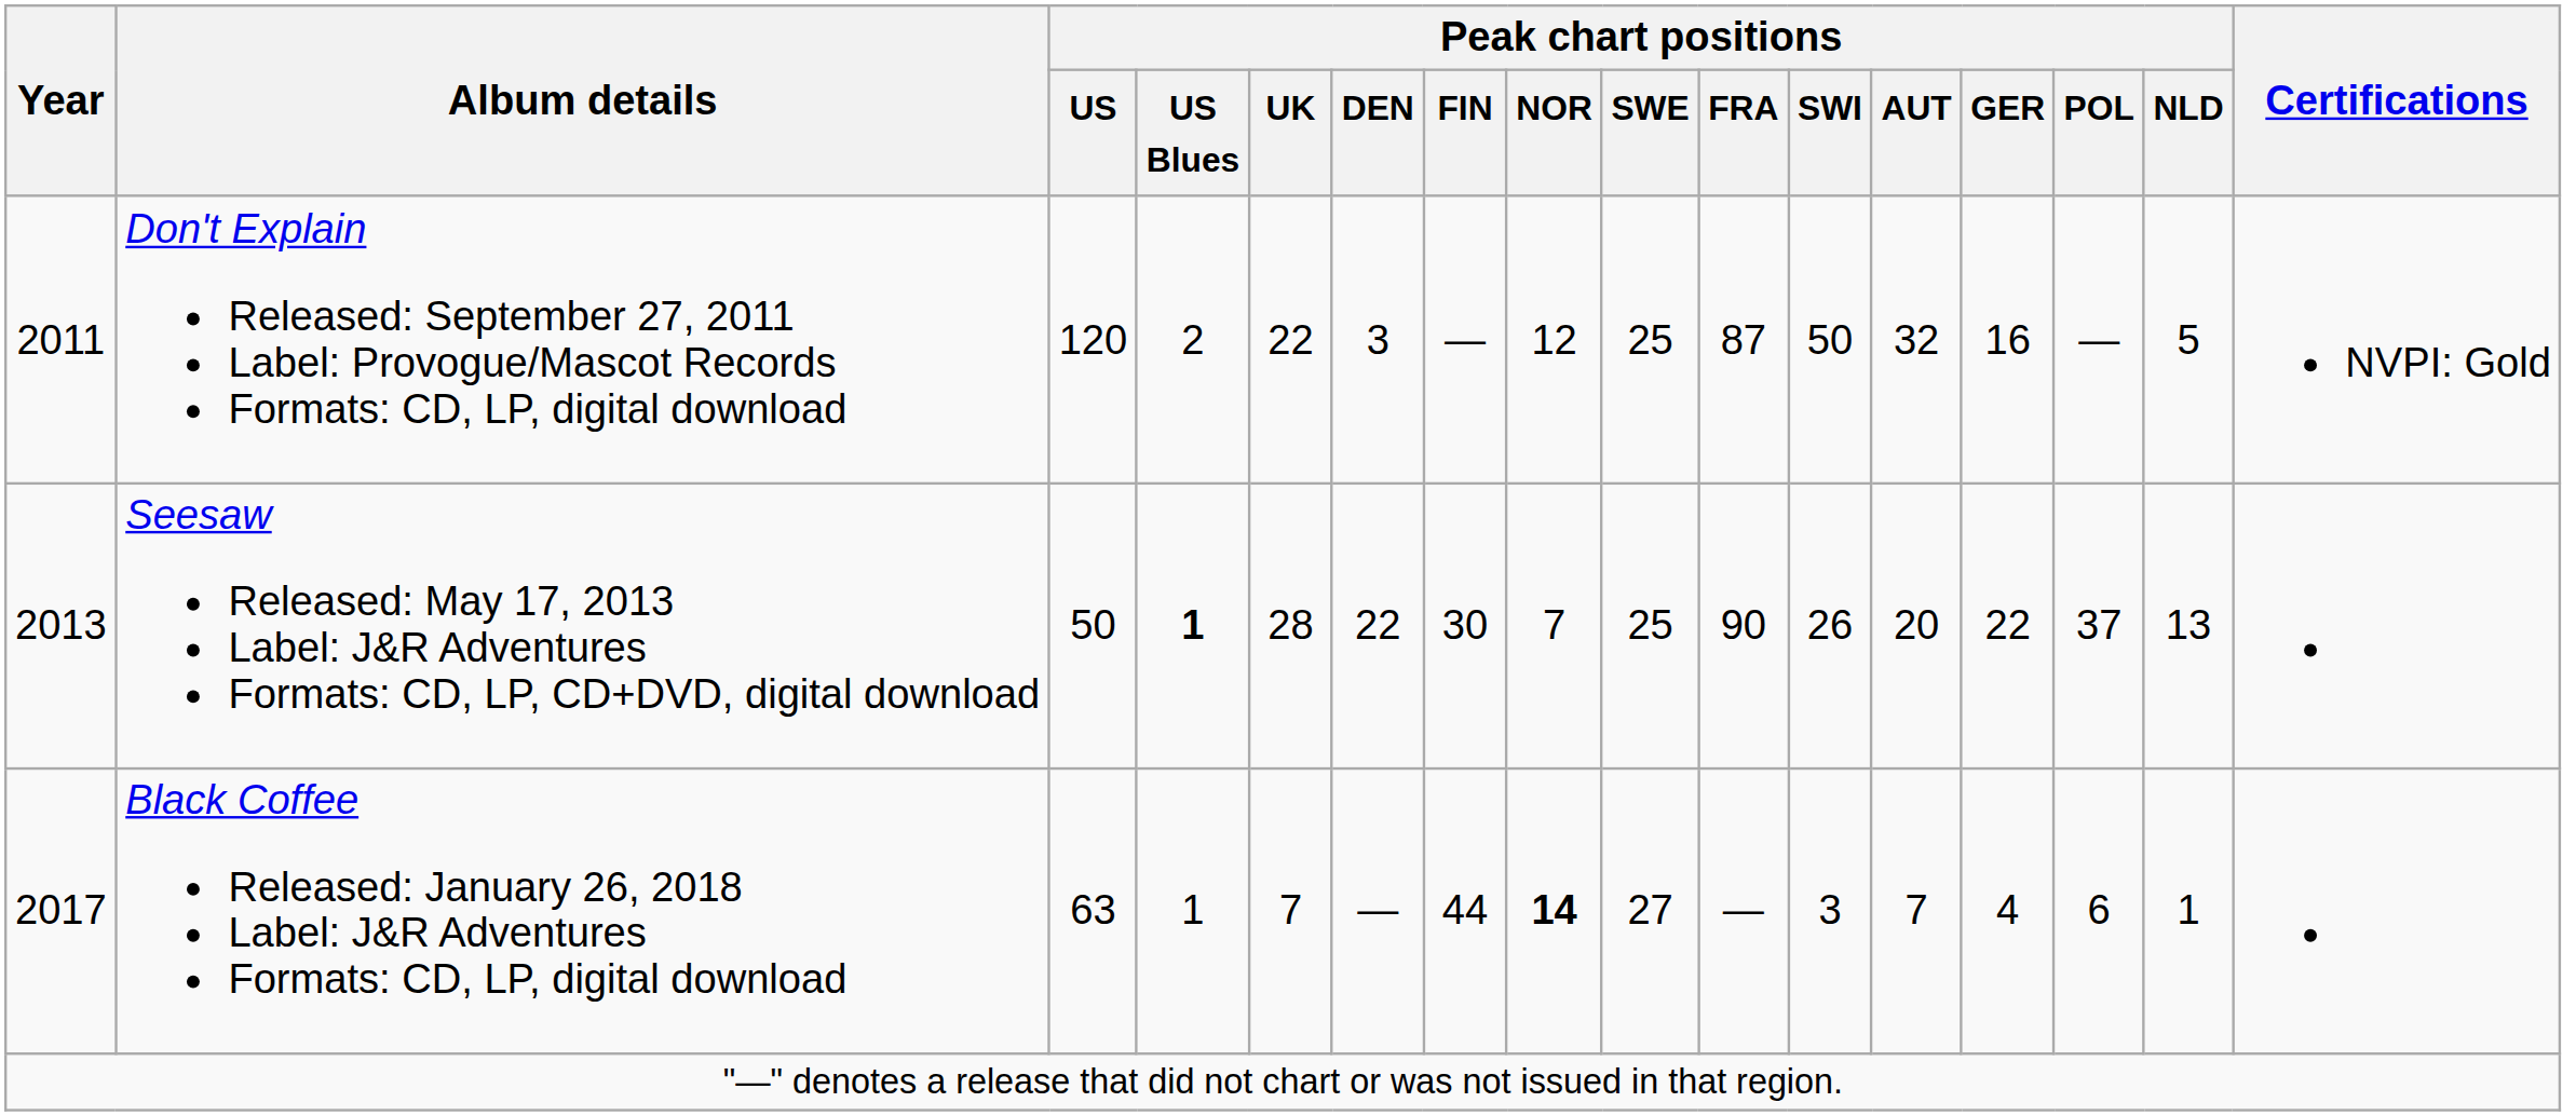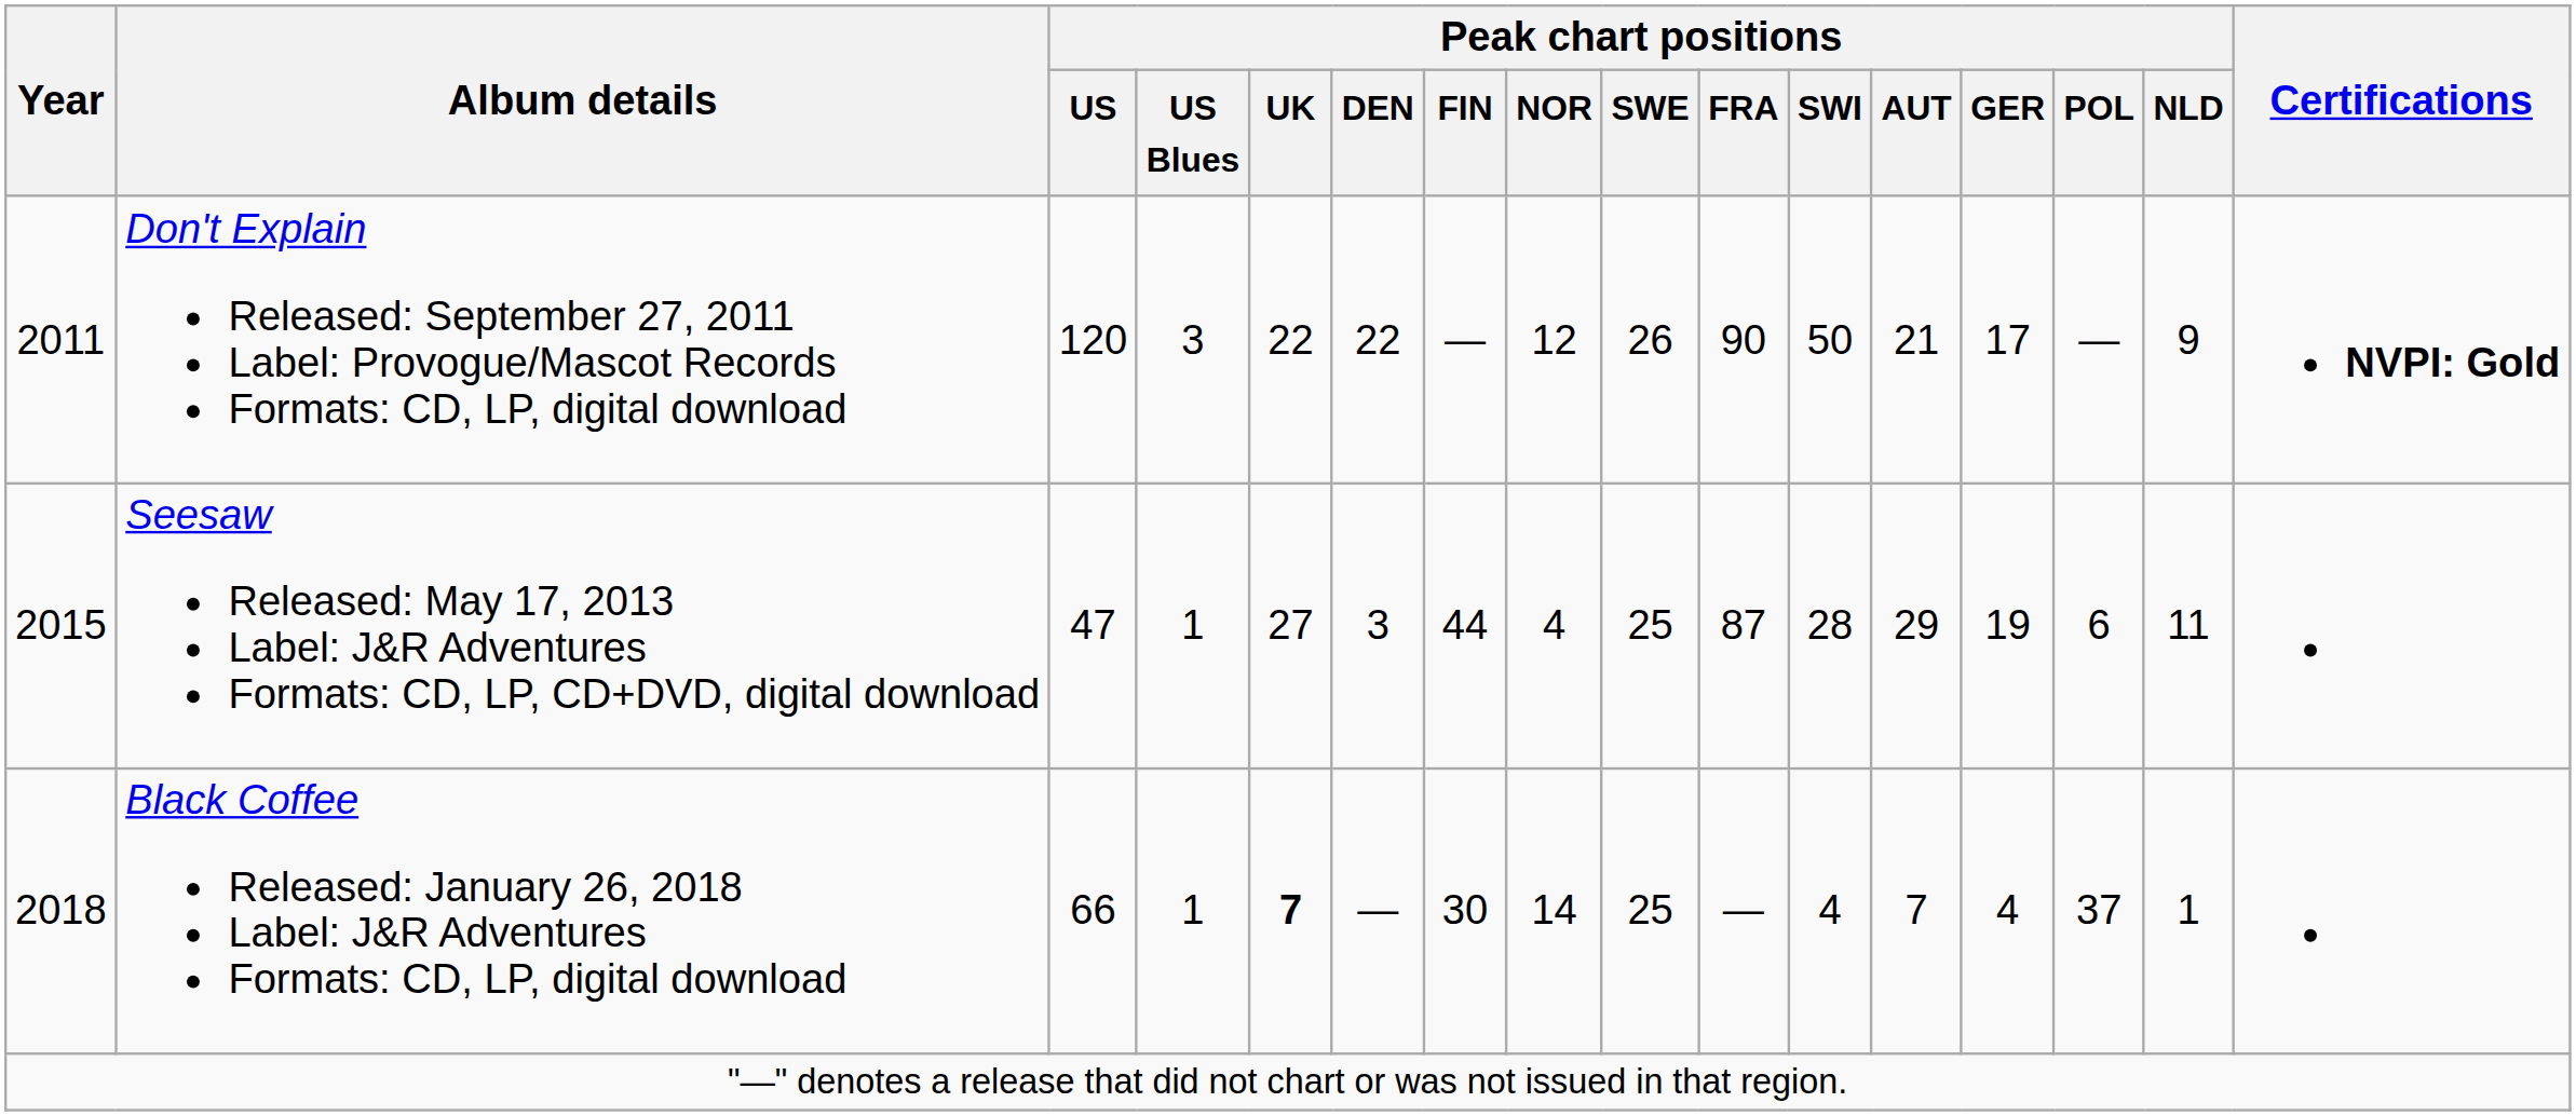 <table class=wikitable style=text-align:center;>
 <tr>
 <th rowspan=2>Year</th>
 <th rowspan=2>Album details</th>
 <th colspan=13>Peak chart positions</th>
 <th rowspan=2><a href='#'>Certifications</a></th>
 </tr>
 <tr style="vertical-align:top;line-height:1.3">
 <th width=25px><small>US</small><br></th>
 <th width=25px><small>US Blues</small><br></th>
 <th width=25px><small>UK</small><br></th>
 <th width=25px><small>DEN</small><br></th>
 <th width=25px><small>FIN</small><br></th>
 <th width=25px><small>NOR</small><br></th>
 <th width=25px><small>SWE</small><br></th>
 <th width=25px><small>FRA</small><br></th>
 <th width=25px><small>SWI</small><br></th>
 <th width=25px><small>AUT</small><br></th>
 <th width=25px><small>GER</small><br></th>
 <th width=25px><small>POL</small><br></th>
 <th width=25px><small>NLD</small><br></th>
 </tr>
 <tr>
 <td>2011</td>
 <td align=left><em><a href='#'>Don't Explain</a></em><br><ul><li>Released: September 27, 2011</li><li>Label: Provogue/Mascot Records</li><li>Formats: CD, LP, digital download</li></ul></td>
 <td>120</td>
-<td>2</td>
+<td>3</td>
 <td>22</td>
-<td>3</td>
+<td>22</td>
 <td>—</td>
 <td>12</td>
+<td>26</td>
+<td>90</td>
+<td>50</td>
+<td>21</td>
+<td>17</td>
+<td>—</td>
+<td>9</td>
+<td><strong><br><ul><li>NVPI: Gold</li></ul></strong></td>
+</tr>
+<tr>
+<td>2015</td>
+<td align=left><em><a href='#'>Seesaw</a></em><br><ul><li>Released: May 17, 2013</li><li>Label: J&R Adventures</li><li>Formats: CD, LP, CD+DVD, digital download</li></ul></td>
+<td>47</td>
+<td>1</td>
+<td>27</td>
+<td>3</td>
+<td>44</td>
+<td>4</td>
 <td>25</td>
 <td>87</td>
-<td>50</td>
-<td>32</td>
-<td>16</td>
-<td>—</td>
-<td>5</td>
-<td><br><ul><li>NVPI: Gold</li></ul></td>
-</tr>
-<tr>
-<td>2013</td>
-<td align=left><em><a href='#'>Seesaw</a></em><br><ul><li>Released: May 17, 2013</li><li>Label: J&R Adventures</li><li>Formats: CD, LP, CD+DVD, digital download</li></ul></td>
-<td>50</td>
-<td><strong>1</strong></td>
 <td>28</td>
-<td>22</td>
-<td>30<br></td>
-<td>7</td>
-<td>25</td>
-<td>90</td>
-<td>26</td>
-<td>20</td>
-<td>22</td>
-<td>37</td>
-<td>13</td>
+<td>29</td>
+<td>19</td>
+<td>6</td>
+<td>11</td>
 <td><br><ul><li></li></ul></td>
 </tr>
 <tr>
-<td>2017</td>
+<td>2018</td>
 <td align=left><em><a href='#'>Black Coffee</a></em><br><ul><li>Released: January 26, 2018</li><li>Label: J&R Adventures</li><li>Formats: CD, LP, digital download</li></ul></td>
-<td>63</td>
+<td>66</td>
 <td>1</td>
-<td>7</td>
+<td><strong>7</strong></td>
 <td>—</td>
-<td>44</td>
-<td><strong>14<br></strong></td>
-<td>27<br></td>
+<td>30<br></td>
+<td>14<br></td>
+<td>25<br></td>
 <td>—</td>
-<td>3</td>
+<td>4</td>
 <td>7</td>
 <td>4</td>
-<td>6</td>
+<td>37</td>
 <td>1</td>
 <td><br><ul><li></li></ul></td>
 </tr>
 <tr>
 <td colspan=25 style=font-size:85%;>"—" denotes a release that did not chart or was not issued in that region.</td>
 </tr>
 </table>
